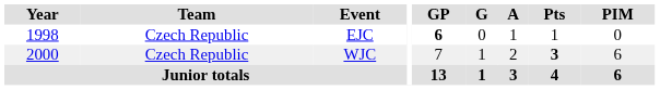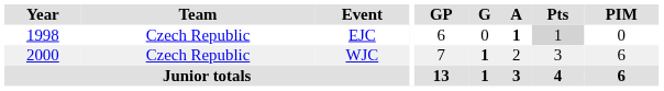 <table border="0" cellpadding="1" cellspacing="0" ID="Table3" style="text-align:center; width:40em">
 <tr ALIGN="center" bgcolor="#e0e0e0">
 <th>Year</th>
 <th>Team</th>
 <th>Event</th>
 <th rowspan="99" bgcolor="#ffffff"></th>
 <th>GP</th>
 <th>G</th>
 <th>A</th>
 <th>Pts</th>
 <th>PIM</th>
 </tr>
 <tr>
 <td><a href='#'>1998</a></td>
 <td><a href='#'>Czech Republic</a></td>
 <td><a href='#'>EJC</a></td>
-<td><strong>6</strong></td>
+<td>6</td>
 <td>0</td>
-<td>1</td>
-<td>1</td>
+<td><strong>1</strong></td>
+<td style="background: lightgrey;">1</td>
 <td>0</td>
 </tr>
 <tr bgcolor="#f0f0f0">
 <td><a href='#'>2000</a></td>
 <td><a href='#'>Czech Republic</a></td>
 <td><a href='#'>WJC</a></td>
 <td>7</td>
-<td>1</td>
+<td><strong>1</strong></td>
 <td>2</td>
-<td><strong>3</strong></td>
+<td>3</td>
 <td>6</td>
 </tr>
 <tr bgcolor="#e0e0e0">
 <th colspan="3">Junior totals</th>
 <th>13</th>
 <th>1</th>
 <th>3</th>
 <th>4</th>
 <th>6</th>
 </tr>
 </table>
